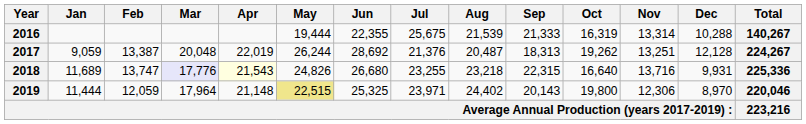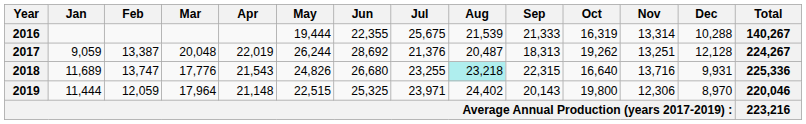 <table class=wikitable style="text-align:right; font-size:0.9em; width:950px;">
 <tr>
 <th>Year</th>
 <th>Jan</th>
 <th>Feb</th>
 <th>Mar</th>
 <th>Apr</th>
 <th>May</th>
 <th>Jun</th>
 <th>Jul</th>
 <th>Aug</th>
 <th>Sep</th>
 <th>Oct</th>
 <th>Nov</th>
 <th>Dec</th>
 <th>Total</th>
 </tr>
 <tr>
 <th>2016</th>
 <td></td>
 <td></td>
 <td></td>
 <td></td>
 <td>19,444</td>
 <td>22,355</td>
 <td>25,675</td>
 <td>21,539</td>
 <td>21,333</td>
 <td>16,319</td>
 <td>13,314</td>
 <td>10,288</td>
 <th>140,267</th>
 </tr>
 <tr>
 <th>2017</th>
 <td>9,059</td>
 <td>13,387</td>
 <td>20,048</td>
 <td>22,019</td>
 <td>26,244</td>
 <td>28,692</td>
 <td>21,376</td>
 <td>20,487</td>
 <td>18,313</td>
 <td>19,262</td>
 <td>13,251</td>
 <td>12,128</td>
 <th>224,267</th>
 </tr>
 <tr>
 <th>2018</th>
 <td>11,689</td>
 <td>13,747</td>
-<td style="background: lavender;">17,776</td>
-<td style="background: lightyellow;">21,543</td>
+<td>17,776</td>
+<td>21,543</td>
 <td>24,826</td>
 <td>26,680</td>
 <td>23,255</td>
-<td>23,218</td>
+<td style="background: paleturquoise;">23,218</td>
 <td>22,315</td>
 <td>16,640</td>
 <td>13,716</td>
 <td>9,931</td>
 <th>225,336</th>
 </tr>
 <tr>
 <th>2019</th>
 <td>11,444</td>
 <td>12,059</td>
 <td>17,964</td>
 <td>21,148</td>
-<td style="background: khaki;">22,515</td>
+<td>22,515</td>
 <td>25,325</td>
 <td>23,971</td>
 <td>24,402</td>
 <td>20,143</td>
 <td>19,800</td>
 <td>12,306</td>
 <td>8,970</td>
 <th>220,046</th>
 </tr>
 <tr>
 <th colspan=13 style="text-align:right">Average Annual Production (years 2017-2019) :</th>
 <th>223,216</th>
 </tr>
 </table>
